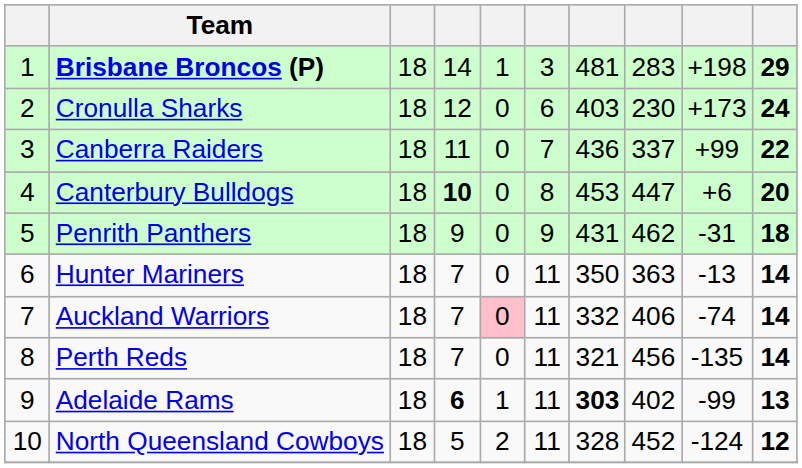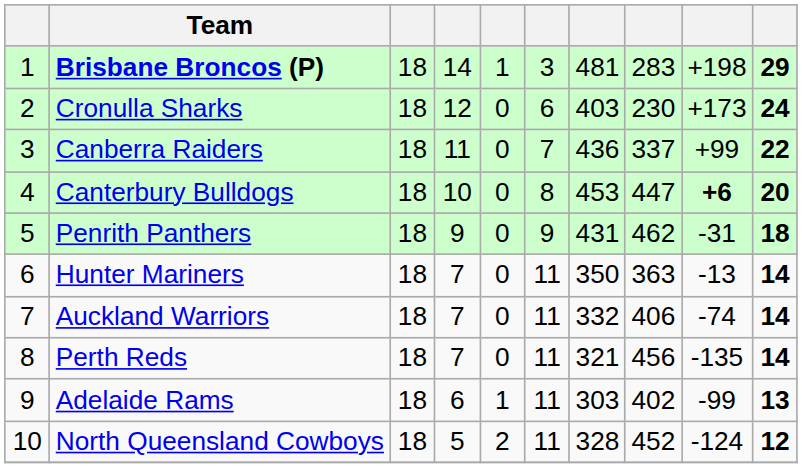 <table class="wikitable" style="text-align:center;">
 <tr>
 <th width="20"></th>
 <th>Team</th>
 <th width="20"></th>
 <th width="20"></th>
 <th width="20"></th>
 <th width="20"></th>
 <th width="25"></th>
 <th width="25"></th>
 <th width="30"></th>
 <th width="20"></th>
 </tr>
 <tr style="background: #ccffcc;">
 <td>1</td>
 <td style="text-align:left;"> <strong><a href='#'>Brisbane Broncos</a></strong> <strong>(P)</strong></td>
 <td>18</td>
 <td>14</td>
 <td>1</td>
 <td>3</td>
 <td>481</td>
 <td>283</td>
 <td>+198</td>
 <td><strong>29</strong></td>
 </tr>
 <tr style="background: #ccffcc;">
 <td>2</td>
 <td style="text-align:left;"> <a href='#'>Cronulla Sharks</a></td>
 <td>18</td>
 <td>12</td>
 <td>0</td>
 <td>6</td>
 <td>403</td>
 <td>230</td>
 <td>+173</td>
 <td><strong>24</strong></td>
 </tr>
 <tr style="background: #ccffcc;">
 <td>3</td>
 <td style="text-align:left;"> <a href='#'>Canberra Raiders</a></td>
 <td>18</td>
 <td>11</td>
 <td>0</td>
 <td>7</td>
 <td>436</td>
 <td>337</td>
 <td>+99</td>
 <td><strong>22</strong></td>
 </tr>
 <tr style="background: #ccffcc;">
 <td>4</td>
 <td style="text-align:left;"> <a href='#'>Canterbury Bulldogs</a></td>
 <td>18</td>
-<td><strong>10</strong></td>
+<td>10</td>
 <td>0</td>
 <td>8</td>
 <td>453</td>
 <td>447</td>
-<td>+6</td>
+<td><strong>+6</strong></td>
 <td><strong>20</strong></td>
 </tr>
 <tr style="background: #ccffcc;">
 <td>5</td>
 <td style="text-align:left;"> <a href='#'>Penrith Panthers</a></td>
 <td>18</td>
 <td>9</td>
 <td>0</td>
 <td>9</td>
 <td>431</td>
 <td>462</td>
 <td>-31</td>
 <td><strong>18</strong></td>
 </tr>
 <tr>
 <td>6</td>
 <td style="text-align:left;"> <a href='#'>Hunter Mariners</a></td>
 <td>18</td>
 <td>7</td>
 <td>0</td>
 <td>11</td>
 <td>350</td>
 <td>363</td>
 <td>-13</td>
 <td><strong>14</strong></td>
 </tr>
 <tr>
 <td>7</td>
 <td style="text-align:left;"> <a href='#'>Auckland Warriors</a></td>
 <td>18</td>
 <td>7</td>
-<td style="background: pink;">0</td>
+<td>0</td>
 <td>11</td>
 <td>332</td>
 <td>406</td>
 <td>-74</td>
 <td><strong>14</strong></td>
 </tr>
 <tr>
 <td>8</td>
 <td style="text-align:left;"> <a href='#'>Perth Reds</a></td>
 <td>18</td>
 <td>7</td>
 <td>0</td>
 <td>11</td>
 <td>321</td>
 <td>456</td>
 <td>-135</td>
 <td><strong>14</strong></td>
 </tr>
 <tr>
 <td>9</td>
 <td style="text-align:left;"> <a href='#'>Adelaide Rams</a></td>
 <td>18</td>
-<td><strong>6</strong></td>
+<td>6</td>
 <td>1</td>
 <td>11</td>
-<td><strong>303</strong></td>
+<td>303</td>
 <td>402</td>
 <td>-99</td>
 <td><strong>13</strong></td>
 </tr>
 <tr>
 <td>10</td>
 <td style="text-align:left;"> <a href='#'>North Queensland Cowboys</a></td>
 <td>18</td>
 <td>5</td>
 <td>2</td>
 <td>11</td>
 <td>328</td>
 <td>452</td>
 <td>-124</td>
 <td><strong>12</strong></td>
 </tr>
 <tr>
 </tr>
 </table>
